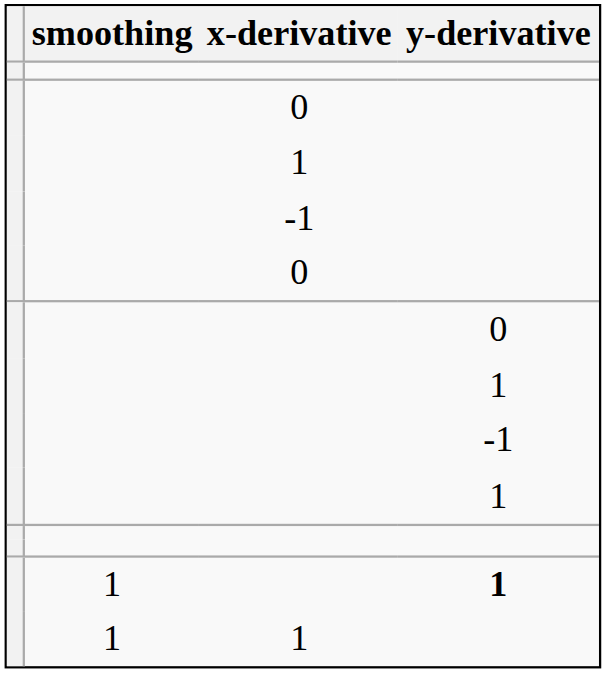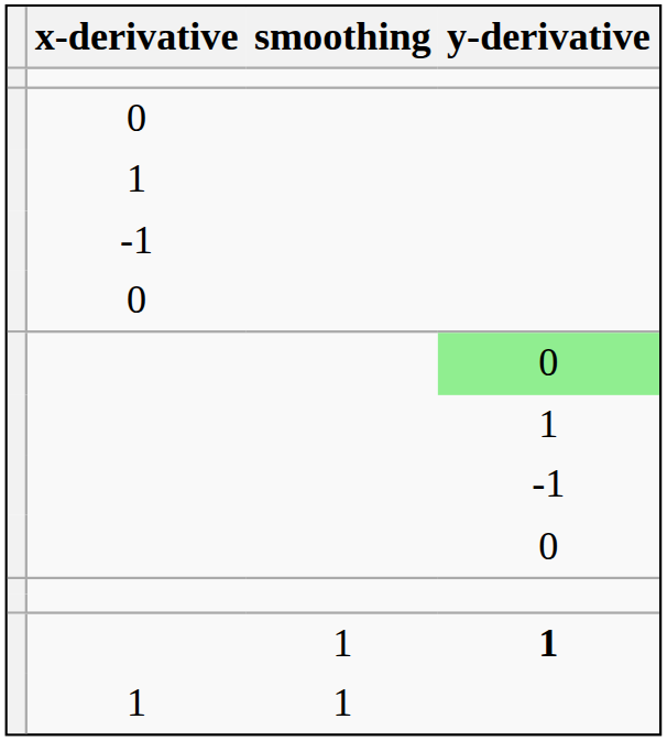 <table class="wikitable" align="center" style="text-align:center;border-collapse: separate; border-spacing: 0; border-width: 1px; border-style: solid; border-color: #000; padding: 0;margin: 1em auto 1em auto">
 <tr>
 <th style="border-style: solid;border-width: 0 1px 1px 0"></th>
+<th style="border-style: solid;border-width: 0 0 1px 0">x-derivative</th>
 <th style="border-style: solid;border-width: 0 0 1px 0">smoothing</th>
-<th style="border-style: solid;border-width: 0 0 1px 0">x-derivative</th>
 <th style="border-style: solid;border-width: 0 0 1px 0">y-derivative</th>
 </tr>
 <tr>
 <th style="border-style: solid;border-width: 0 1px 1px 0"></th>
 <td style="border-style: solid;border-width: 0 0 1px 0"></td>
 <td style="border-style: solid;border-width: 0 0 1px 0"></td>
 <td style="border-style: solid;border-width: 0 0 1px 0"></td>
 </tr>
 <tr>
 <th style="border-style: solid;border-width: 0 1px 0 0"></th>
+<td style="border-style: none">0</td>
 <td style="border-style: none"></td>
-<td style="border-style: none">0</td>
 <td style="border-style: none"></td>
 </tr>
 <tr>
 <th style="border-style: solid;border-width: 0 1px 0 0"></th>
+<td style="border-style: none">1</td>
 <td style="border-style: none"></td>
-<td style="border-style: none">1</td>
 <td style="border-style: none"></td>
 </tr>
 <tr>
 <th style="border-style: solid;border-width: 0 1px 0 0"></th>
+<td style="border-style: none">-1</td>
 <td style="border-style: none"></td>
-<td style="border-style: none">-1</td>
 <td style="border-style: none"></td>
 </tr>
 <tr>
 <th style="border-style: solid;border-width: 0 1px 1px 0"></th>
+<td style="border-style: solid;border-width: 0 0 1px 0">0</td>
 <td style="border-style: solid;border-width: 0 0 1px 0"></td>
-<td style="border-style: solid;border-width: 0 0 1px 0">0</td>
 <td style="border-style: solid;border-width: 0 0 1px 0"></td>
 </tr>
 <tr>
 <th style="border-style: solid;border-width: 0 1px 0 0"></th>
 <td style="border-style: none"></td>
 <td style="border-style: none"></td>
-<td style="border-style: none">0</td>
+<td style="background: lightgreen; border-style: none">0</td>
 </tr>
 <tr>
 <th style="border-style: solid;border-width: 0 1px 0 0"></th>
 <td style="border-style: none"></td>
 <td style="border-style: none"></td>
 <td style="border-style: none">1</td>
 </tr>
 <tr>
 <th style="border-style: solid;border-width: 0 1px 0 0"></th>
 <td style="border-style: none"></td>
 <td style="border-style: none"></td>
 <td style="border-style: none">-1</td>
 </tr>
 <tr>
 <th style="border-style: solid;border-width: 0 1px 1px 0"></th>
 <td style="border-style: solid;border-width: 0 0 1px 0"></td>
 <td style="border-style: solid;border-width: 0 0 1px 0"></td>
-<td style="border-style: solid;border-width: 0 0 1px 0">1</td>
+<td style="border-style: solid;border-width: 0 0 1px 0">0</td>
 </tr>
 <tr>
 <th style="border-style: solid;border-width: 0 1px 0 0"></th>
 <td style="border-style: none"></td>
 <td style="border-style: none"></td>
 <td style="border-style: none"></td>
 </tr>
 <tr>
 <th style="border-style: solid;border-width: 0 1px 1px 0"></th>
 <td style="border-style: solid;border-width: 0 0 1px 0"></td>
 <td style="border-style: solid;border-width: 0 0 1px 0"></td>
 <td style="border-style: solid;border-width: 0 0 1px 0"></td>
 </tr>
 <tr>
 <th style="border-style: solid;border-width: 0 1px 0 0"></th>
+<td style="border-style: none"></td>
 <td style="border-style: none">1</td>
-<td style="border-style: none"></td>
 <td style="border-style: none"><strong>1</strong></td>
 </tr>
 <tr>
 <th style="border-style: solid;border-width: 0 1px 0 0"></th>
 <td style="border-style: none">1</td>
 <td style="border-style: none">1</td>
 <td style="border-style: none"></td>
 </tr>
 </table>
